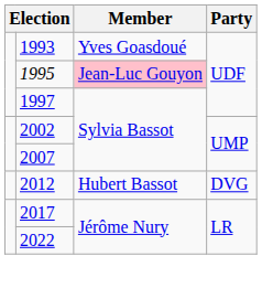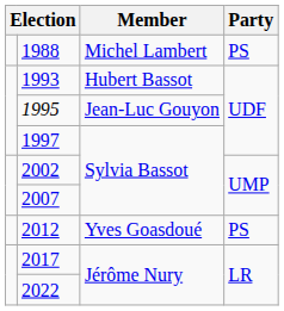 <table class="wikitable">
 <tr>
 <th colspan=2>Election</th>
 <th>Member</th>
 <th>Party</th>
 </tr>
 <tr>
+<td style="background-color: "></td>
+<td><a href='#'>1988</a></td>
+<td><a href='#'>Michel Lambert</a></td>
+<td><a href='#'>PS</a></td>
+</tr>
+<tr>
 <td rowspan="3" style="background-color: "></td>
 <td><a href='#'>1993</a></td>
-<td><a href='#'>Yves Goasdoué</a></td>
+<td><a href='#'>Hubert Bassot</a></td>
 <td rowspan="3"><a href='#'>UDF</a></td>
 </tr>
 <tr>
 <td><em>1995</em></td>
-<td style="background: pink;"><a href='#'>Jean-Luc Gouyon</a></td>
+<td><a href='#'>Jean-Luc Gouyon</a></td>
 </tr>
 <tr>
 <td><a href='#'>1997</a></td>
 <td rowspan="3"><a href='#'>Sylvia Bassot</a></td>
 </tr>
 <tr>
 <td rowspan="2" style="background-color: "></td>
 <td><a href='#'>2002</a></td>
 <td rowspan="2"><a href='#'>UMP</a></td>
 </tr>
 <tr>
 <td><a href='#'>2007</a></td>
 </tr>
 <tr>
 <td style="background-color: "></td>
 <td><a href='#'>2012</a></td>
-<td><a href='#'>Hubert Bassot</a></td>
-<td><a href='#'>DVG</a></td>
+<td><a href='#'>Yves Goasdoué</a></td>
+<td><a href='#'>PS</a></td>
 </tr>
 <tr>
 <td rowspan="2" style="background-color: "></td>
 <td><a href='#'>2017</a></td>
 <td rowspan="2"><a href='#'>Jérôme Nury</a></td>
 <td rowspan="2"><a href='#'>LR</a></td>
 </tr>
 <tr>
 <td><a href='#'>2022</a></td>
 </tr>
 </table>
